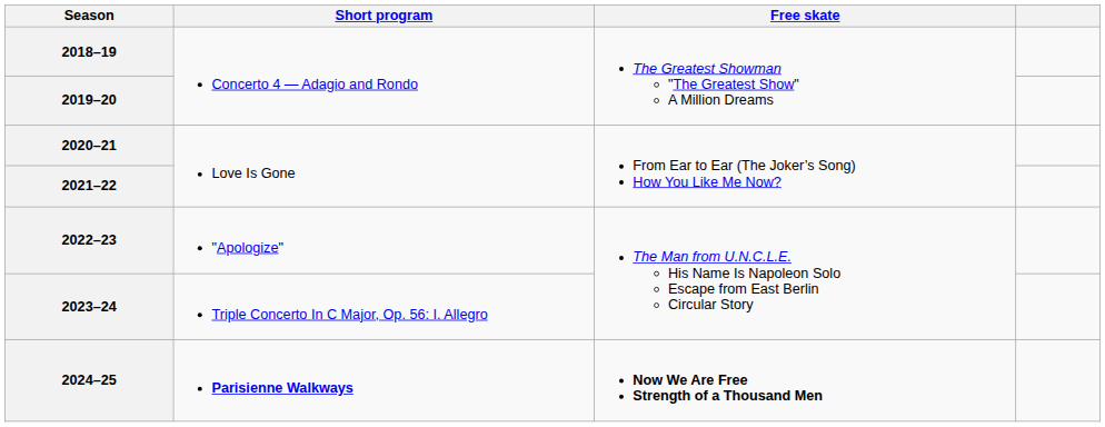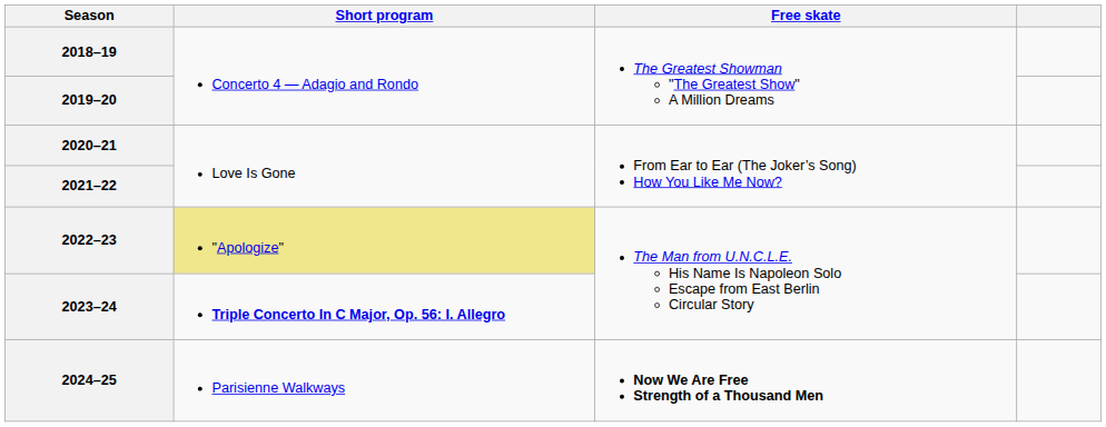 <table class="wikitable unsortable" style="text-align:left">
 <tr>
 <th scope="col" style="text-align:center; width:10%">Season</th>
 <th scope="col" style="text-align:center; width:25%"><a href='#'>Short program</a></th>
 <th scope="col" style="text-align:center; width:25%"><a href='#'>Free skate</a></th>
 <th scope="col" style="text-align:center; width:5%"></th>
 </tr>
 <tr>
 <th scope="row">2018–19</th>
 <td rowspan=2><br><ul><li><a href='#'>Concerto 4 — Adagio and Rondo</a><br></li></ul></td>
 <td rowspan=2><br><ul><li><em><a href='#'>The Greatest Showman</a></em> <br> <ul><li>"<a href='#'>The Greatest Show</a>"<br></li><li>A Million Dreams<br></li></ul></li></ul></td>
 <td></td>
 </tr>
 <tr>
 <th scope="row">2019–20</th>
 <td></td>
 </tr>
 <tr>
 <th scope="row">2020–21</th>
 <td rowspan=2><br><ul><li>Love Is Gone<br></li></ul></td>
 <td rowspan=2><br><ul><li>From Ear to Ear (The Joker’s Song)<br></li><li><a href='#'>How You Like Me Now?</a><br></li></ul></td>
 <td></td>
 </tr>
 <tr>
 <th scope="row">2021–22</th>
 <td></td>
 </tr>
 <tr>
 <th scope="row">2022–23</th>
-<td><br><ul><li>"<a href='#'>Apologize</a>"<br></li></ul></td>
+<td style="background: khaki;"><br><ul><li>"<a href='#'>Apologize</a>"<br></li></ul></td>
 <td rowspan="2"><br><ul><li><em><a href='#'>The Man from U.N.C.L.E.</a></em><ul><li>His Name Is Napoleon Solo</li><li>Escape from East Berlin</li><li>Circular Story<br></li></ul></li></ul></td>
 <td></td>
 </tr>
 <tr>
 <th scope="row">2023–24</th>
-<td><br><ul><li><a href='#'>Triple Concerto In C Major, Op. 56: I. Allegro</a><br></li></ul></td>
+<td><strong><br><ul><li><a href='#'>Triple Concerto In C Major, Op. 56: I. Allegro</a><br></li></ul></strong></td>
 <td></td>
 </tr>
 <tr>
 <th scope="row">2024–25</th>
-<td><strong><br><ul><li><a href='#'>Parisienne Walkways</a><br></li></ul></strong></td>
+<td><br><ul><li><a href='#'>Parisienne Walkways</a><br></li></ul></td>
 <td><strong><br><ul><li>Now We Are Free <br></li><li>Strength of a Thousand Men<br></li></ul></strong></td>
 <td></td>
 </tr>
 </table>
